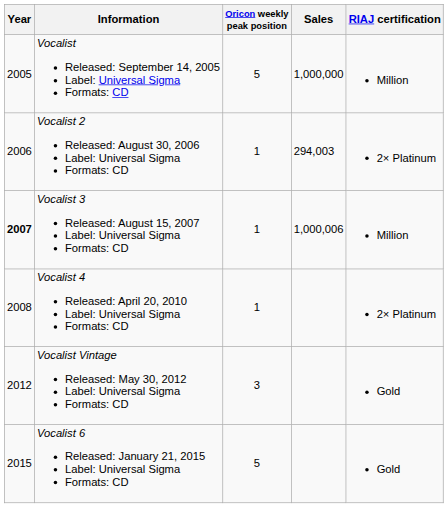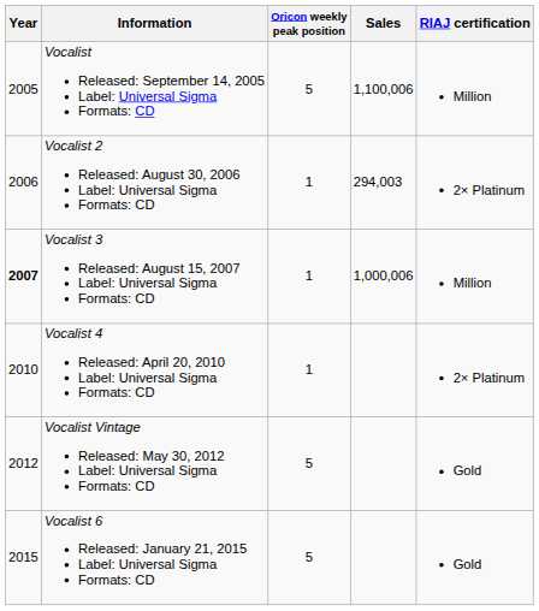 <table class="wikitable">
 <tr>
 <th>Year</th>
 <th>Information</th>
 <th><small><a href='#'>Oricon</a> weekly<br>peak position</small></th>
 <th>Sales<br></th>
 <th><a href='#'>RIAJ</a> certification</th>
 </tr>
 <tr>
 <td>2005</td>
 <td><em>Vocalist</em><br><ul><li>Released: September 14, 2005</li><li>Label: <a href='#'>Universal Sigma</a></li><li>Formats: <a href='#'>CD</a></li></ul></td>
 <td style="text-align:center;">5</td>
-<td align="left">1,000,000</td>
+<td align="left">1,100,006</td>
 <td align="left"><br><ul><li>Million</li></ul></td>
 </tr>
 <tr>
 <td>2006</td>
 <td><em>Vocalist 2</em><br><ul><li>Released: August 30, 2006</li><li>Label: Universal Sigma</li><li>Formats: CD</li></ul></td>
 <td style="text-align:center;">1</td>
 <td align="left">294,003</td>
 <td align="left"><br><ul><li>2× Platinum</li></ul></td>
 </tr>
 <tr>
 <td><strong>2007</strong></td>
 <td><em>Vocalist 3</em><br><ul><li>Released: August 15, 2007</li><li>Label: Universal Sigma</li><li>Formats: CD</li></ul></td>
 <td style="text-align:center;">1</td>
 <td align="left">1,000,006</td>
 <td align="left"><br><ul><li>Million</li></ul></td>
 </tr>
 <tr>
-<td>2008</td>
+<td>2010</td>
 <td><em>Vocalist 4</em><br><ul><li>Released: April 20, 2010</li><li>Label: Universal Sigma</li><li>Formats: CD</li></ul></td>
 <td style="text-align:center;">1</td>
 <td align="left"></td>
 <td align="left"><br><ul><li>2× Platinum</li></ul></td>
 </tr>
 <tr>
 <td>2012</td>
 <td><em>Vocalist Vintage</em><br><ul><li>Released: May 30, 2012</li><li>Label: Universal Sigma</li><li>Formats: CD</li></ul></td>
-<td style="text-align:center;">3</td>
+<td style="text-align:center;">5</td>
 <td align="left"></td>
 <td align="left"><br><ul><li>Gold</li></ul></td>
 </tr>
 <tr>
 <td>2015</td>
 <td><em>Vocalist 6</em><br><ul><li>Released: January 21, 2015</li><li>Label: Universal Sigma</li><li>Formats: CD</li></ul></td>
 <td style="text-align:center;">5</td>
 <td align="left"></td>
 <td align="left"><br><ul><li>Gold</li></ul></td>
 </tr>
 </table>
